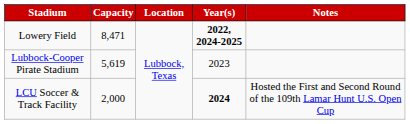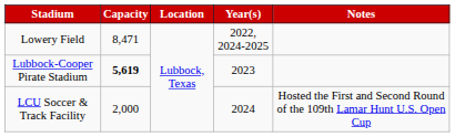 <table class="wikitable" style="text-align:center; vertical-align:top;">
 <tr>
 <th style="background:#CC0000; color:White; border:1px solid #101820;">Stadium</th>
 <th style="background:#CC0000; color:White; border:1px solid #101820;">Capacity</th>
 <th style="background:#CC0000; color:White; border:1px solid #101820;">Location</th>
 <th style="background:#CC0000; color:White; border:1px solid #101820;">Year(s)</th>
 <th style="background:#CC0000; color:White; border:1px solid #101820;">Notes</th>
 </tr>
 <tr>
 <td>Lowery Field</td>
 <td>8,471</td>
 <td rowspan="3"><a href='#'>Lubbock, Texas</a></td>
-<td><strong>2022, 2024-2025</strong></td>
+<td>2022, 2024-2025</td>
 <td></td>
 </tr>
 <tr>
 <td><a href='#'>Lubbock-Cooper</a> Pirate Stadium</td>
-<td>5,619</td>
+<td><strong>5,619</strong></td>
 <td>2023</td>
 <td></td>
 </tr>
 <tr>
 <td><a href='#'>LCU</a> Soccer & Track Facility</td>
 <td>2,000</td>
-<td><strong>2024</strong></td>
+<td>2024</td>
 <td>Hosted the First and Second Round of the 109th <a href='#'>Lamar Hunt U.S. Open Cup</a></td>
 </tr>
 </table>
